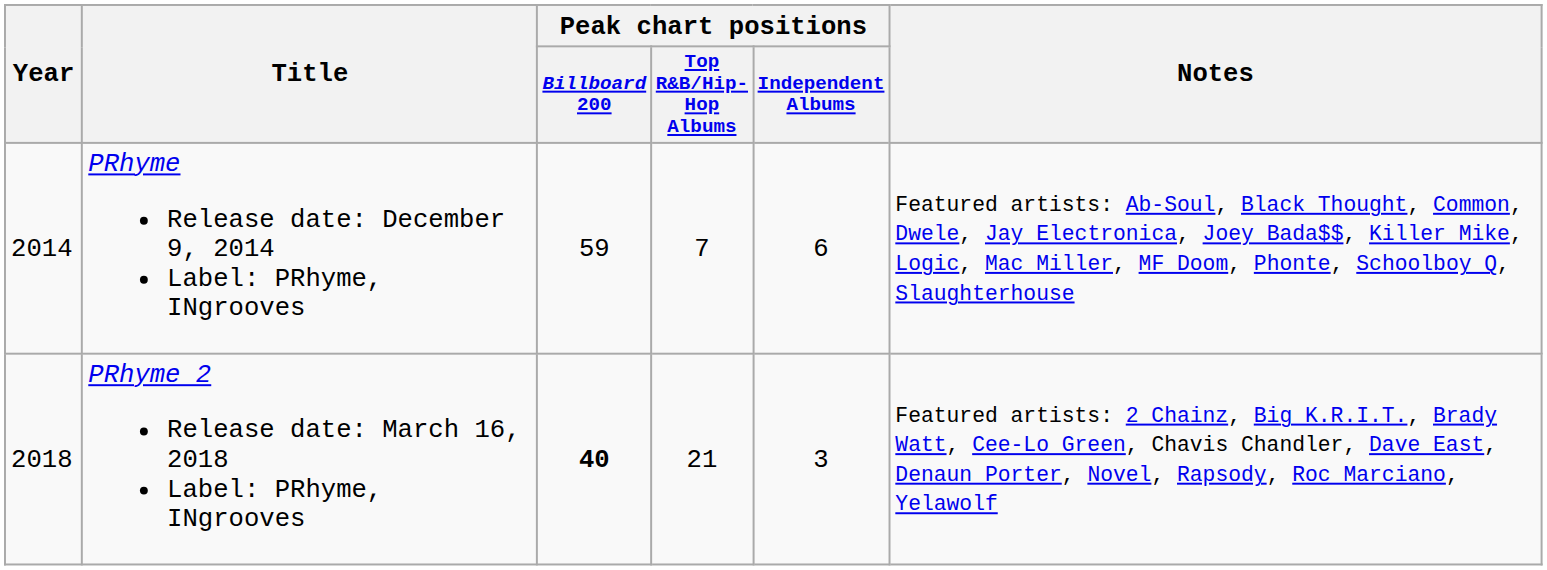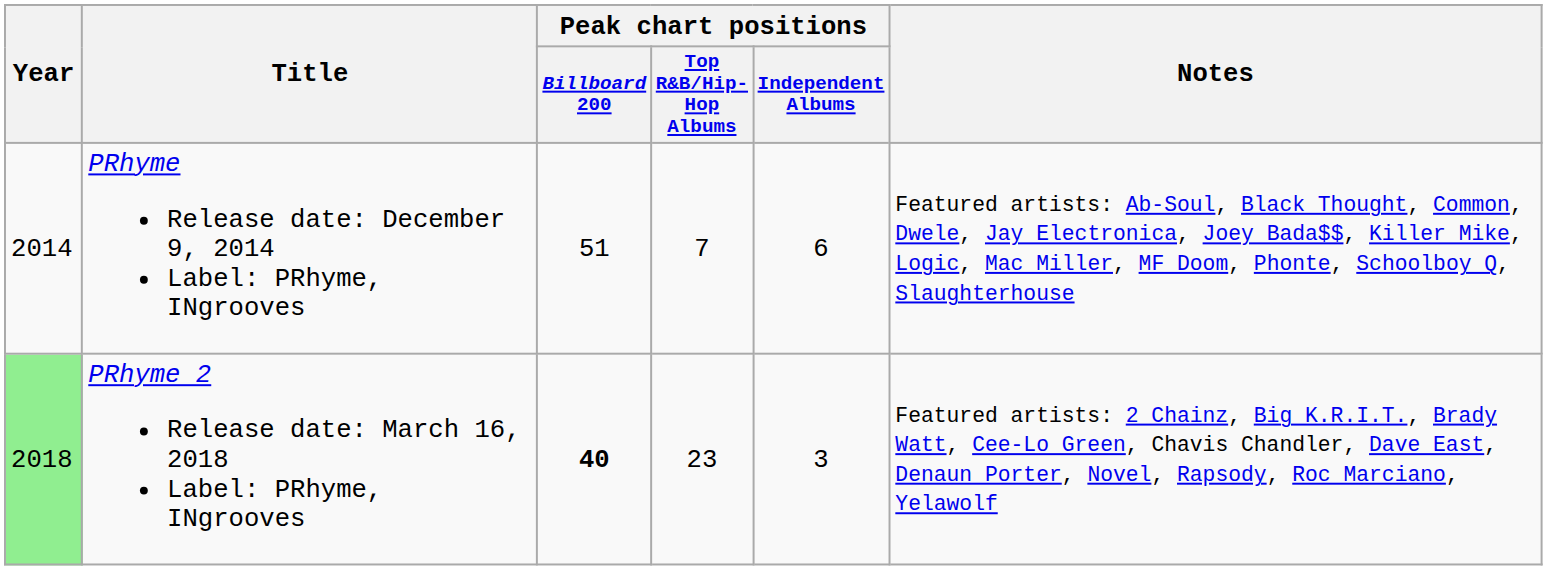 <table class="wikitable">
 <tr>
 <th rowspan="2" style="width:33px;">Year</th>
 <th rowspan="2" style="width:225px;">Title</th>
 <th colspan="3">Peak chart positions</th>
 <th rowspan="2" style="width:325px;">Notes</th>
 </tr>
 <tr>
 <th style="width:3em;font-size:75%;"><a href='#'><em>Billboard</em> 200</a><br></th>
 <th style="width:3em;font-size:75%;"><a href='#'>Top R&B/Hip-Hop Albums</a><br></th>
 <th style="width:3em;font-size:75%;"><a href='#'>Independent Albums</a><br></th>
 </tr>
 <tr>
 <td>2014</td>
 <td><em><a href='#'>PRhyme</a></em><br><ul><li>Release date: December 9, 2014</li><li>Label: PRhyme, INgrooves</li></ul></td>
-<td style="text-align:center;">59</td>
+<td style="text-align:center;">51</td>
 <td style="text-align:center;">7</td>
 <td style="text-align:center;">6</td>
 <td><small>Featured artists: <a href='#'>Ab-Soul</a>, <a href='#'>Black Thought</a>, <a href='#'>Common</a>, <a href='#'>Dwele</a>, <a href='#'>Jay Electronica</a>, <a href='#'>Joey Bada$$</a>, <a href='#'>Killer Mike</a>, <a href='#'>Logic</a>, <a href='#'>Mac Miller</a>, <a href='#'>MF Doom</a>, <a href='#'>Phonte</a>, <a href='#'>Schoolboy Q</a>, <a href='#'>Slaughterhouse</a></small></td>
 </tr>
 <tr>
-<td>2018</td>
+<td style="background: lightgreen;">2018</td>
 <td><em><a href='#'>PRhyme 2</a></em><br><ul><li>Release date: March 16, 2018</li><li>Label: PRhyme, INgrooves</li></ul></td>
 <td style="text-align:center;"><strong>40</strong></td>
-<td style="text-align:center;">21</td>
+<td style="text-align:center;">23</td>
 <td style="text-align:center;">3</td>
 <td><small>Featured artists: <a href='#'>2 Chainz</a>, <a href='#'>Big K.R.I.T.</a>, <a href='#'>Brady Watt</a>, <a href='#'>Cee-Lo Green</a>, Chavis Chandler, <a href='#'>Dave East</a>, <a href='#'>Denaun Porter</a>, <a href='#'>Novel</a>, <a href='#'>Rapsody</a>, <a href='#'>Roc Marciano</a>, <a href='#'>Yelawolf</a></small></td>
 </tr>
 </table>
